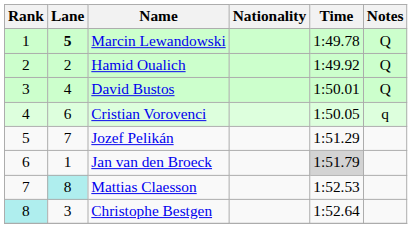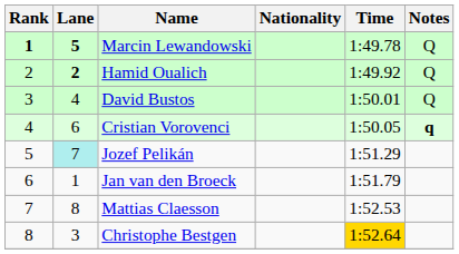 <table class="wikitable sortable" style="text-align:center">
 <tr>
 <th>Rank</th>
 <th>Lane</th>
 <th>Name</th>
 <th>Nationality</th>
 <th>Time</th>
 <th>Notes</th>
 </tr>
 <tr bgcolor=ccffcc>
-<td>1</td>
+<td><strong>1</strong></td>
 <td><strong>5</strong></td>
 <td align="left"><a href='#'>Marcin Lewandowski</a></td>
 <td align=left></td>
 <td>1:49.78</td>
 <td>Q</td>
 </tr>
 <tr bgcolor=ccffcc>
 <td>2</td>
-<td>2</td>
+<td><strong>2</strong></td>
 <td align="left"><a href='#'>Hamid Oualich</a></td>
 <td align=left></td>
 <td>1:49.92</td>
 <td>Q</td>
 </tr>
 <tr bgcolor=ccffcc>
 <td>3</td>
 <td>4</td>
 <td align="left"><a href='#'>David Bustos</a></td>
 <td align=left></td>
 <td>1:50.01</td>
 <td>Q</td>
 </tr>
 <tr bgcolor=ddffdd>
 <td>4</td>
 <td>6</td>
 <td align="left"><a href='#'>Cristian Vorovenci</a></td>
 <td align=left></td>
 <td>1:50.05</td>
-<td>q</td>
+<td><strong>q</strong></td>
 </tr>
 <tr>
 <td>5</td>
-<td>7</td>
+<td style="background: paleturquoise;">7</td>
 <td align="left"><a href='#'>Jozef Pelikán</a></td>
 <td align=left></td>
 <td>1:51.29</td>
 <td></td>
 </tr>
 <tr>
 <td>6</td>
 <td>1</td>
 <td align="left"><a href='#'>Jan van den Broeck</a></td>
 <td align=left></td>
-<td style="background: lightgrey;">1:51.79</td>
+<td>1:51.79</td>
 <td></td>
 </tr>
 <tr>
 <td>7</td>
-<td style="background: paleturquoise;">8</td>
+<td>8</td>
 <td align="left"><a href='#'>Mattias Claesson</a></td>
 <td align=left></td>
 <td>1:52.53</td>
 <td></td>
 </tr>
 <tr>
-<td style="background: paleturquoise;">8</td>
+<td>8</td>
 <td>3</td>
 <td align="left"><a href='#'>Christophe Bestgen</a></td>
 <td align=left></td>
-<td>1:52.64</td>
+<td style="background: gold;">1:52.64</td>
 <td></td>
 </tr>
 <tr>
 </tr>
 </table>
